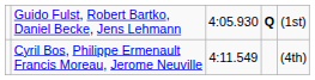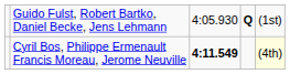 <table class="wikitable" style="text-align:center;">
 <tr>
 <td align=left></td>
 <td align=left><a href='#'>Guido Fulst</a>, <a href='#'>Robert Bartko</a>,<br><a href='#'>Daniel Becke</a>, <a href='#'>Jens Lehmann</a></td>
 <td>4:05.930</td>
 <td><strong>Q</strong></td>
 <td>(1st)</td>
 </tr>
 <tr>
 <td align=left></td>
 <td align=left><a href='#'>Cyril Bos</a>, <a href='#'>Philippe Ermenault</a><br><a href='#'>Francis Moreau</a>, <a href='#'>Jerome Neuville</a></td>
-<td>4:11.549</td>
+<td><strong>4:11.549</strong></td>
 <td></td>
-<td>(4th)</td>
+<td style="background: lightyellow;">(4th)</td>
 </tr>
 </table>
